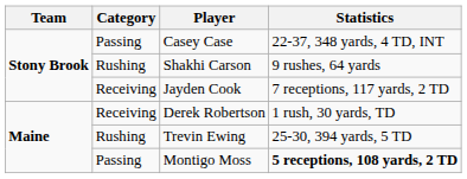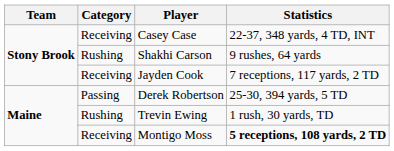 <table class="wikitable" style="float: left;">
 <tr>
 <th>Team</th>
 <th>Category</th>
 <th>Player</th>
 <th>Statistics</th>
 </tr>
 <tr>
 <td rowspan=3><strong>Stony Brook</strong></td>
-<td>Passing</td>
+<td>Receiving</td>
 <td>Casey Case</td>
 <td>22-37, 348 yards, 4 TD, INT</td>
 </tr>
 <tr>
 <td>Rushing</td>
 <td>Shakhi Carson</td>
 <td>9 rushes, 64 yards</td>
 </tr>
 <tr>
 <td>Receiving</td>
 <td>Jayden Cook</td>
 <td>7 receptions, 117 yards, 2 TD</td>
 </tr>
 <tr>
 <td rowspan=3><strong>Maine</strong></td>
-<td>Receiving</td>
+<td>Passing</td>
 <td>Derek Robertson</td>
-<td>1 rush, 30 yards, TD</td>
+<td>25-30, 394 yards, 5 TD</td>
 </tr>
 <tr>
 <td>Rushing</td>
 <td>Trevin Ewing</td>
-<td>25-30, 394 yards, 5 TD</td>
+<td>1 rush, 30 yards, TD</td>
 </tr>
 <tr>
-<td>Passing</td>
+<td>Receiving</td>
 <td>Montigo Moss</td>
 <td><strong>5 receptions, 108 yards, 2 TD</strong></td>
 </tr>
 </table>
